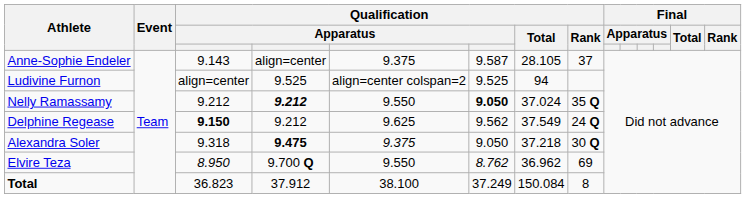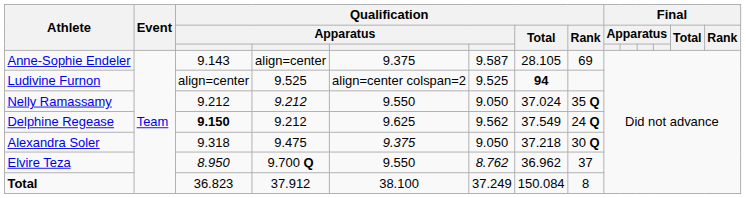 <table class=wikitable style=font-size:90%;text-align:center>
 <tr>
 <th rowspan=3>Athlete</th>
 <th rowspan=3>Event</th>
 <th colspan=6>Qualification</th>
 <th colspan=6>Final</th>
 </tr>
 <tr style=font-size:95%>
 <th colspan=4>Apparatus</th>
 <th rowspan=2>Total</th>
 <th rowspan=2>Rank</th>
 <th colspan=4>Apparatus</th>
 <th rowspan=2>Total</th>
 <th rowspan=2>Rank</th>
 </tr>
 <tr style=font-size:95%>
 <th></th>
 <th></th>
 <th></th>
 <th></th>
 <th></th>
 <th></th>
 <th></th>
 <th></th>
 </tr>
 <tr>
 <td align=left><a href='#'>Anne-Sophie Endeler</a></td>
 <td align=left rowspan=7><a href='#'>Team</a></td>
 <td align=center>9.143</td>
 <td>align=center </td>
 <td align=center>9.375</td>
 <td align=center>9.587</td>
 <td align=center>28.105</td>
-<td align=center>37</td>
+<td align=center>69</td>
 <td align=center colspan=6 rowspan=7>Did not advance</td>
 </tr>
 <tr>
 <td align=left><a href='#'>Ludivine Furnon</a></td>
 <td>align=center </td>
 <td align=center>9.525</td>
 <td>align=center colspan=2 </td>
 <td align=center>9.525</td>
-<td align=center>94</td>
+<td align=center><strong>94</strong></td>
 </tr>
 <tr>
 <td align=left><a href='#'>Nelly Ramassamy</a></td>
 <td align=center>9.212</td>
-<td align=center><strong><em>9.212</em></strong></td>
+<td align=center><em>9.212</em></td>
 <td align=center>9.550</td>
-<td align=center><strong>9.050</strong></td>
+<td align=center>9.050</td>
 <td align=center>37.024</td>
 <td align=center>35 <strong>Q</strong></td>
 </tr>
 <tr>
 <td align=left><a href='#'>Delphine Regease</a></td>
 <td align=center><strong>9.150</strong></td>
 <td align=center>9.212</td>
 <td align=center>9.625</td>
 <td align=center>9.562</td>
 <td align=center>37.549</td>
 <td align=center>24 <strong>Q</strong></td>
 </tr>
 <tr>
 <td align=left><a href='#'>Alexandra Soler</a></td>
 <td align=center>9.318</td>
-<td align=center><strong>9.475</strong></td>
+<td align=center>9.475</td>
 <td align=center><em>9.375</em></td>
 <td align=center>9.050</td>
 <td align=center>37.218</td>
 <td align=center>30 <strong>Q</strong></td>
 </tr>
 <tr>
 <td align=left><a href='#'>Elvire Teza</a></td>
 <td align=center><em>8.950</em></td>
 <td align=center>9.700 <strong>Q</strong></td>
 <td align=center>9.550</td>
 <td align=center><em>8.762</em></td>
 <td align=center>36.962</td>
-<td align=center>69</td>
+<td align=center>37</td>
 </tr>
 <tr>
 <td align=left><strong>Total</strong></td>
 <td align=center>36.823</td>
 <td align=center>37.912</td>
 <td align=center>38.100</td>
 <td align=center>37.249</td>
 <td align=center>150.084</td>
 <td align=center>8</td>
 </tr>
 </table>
